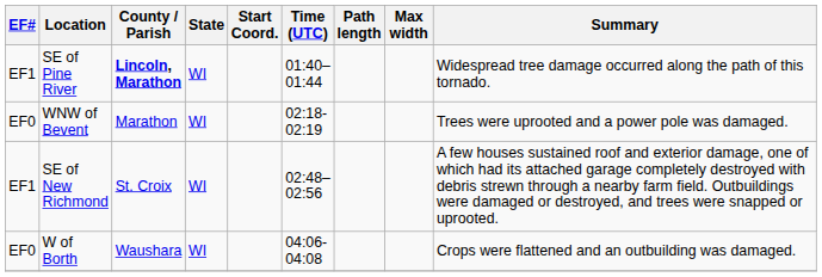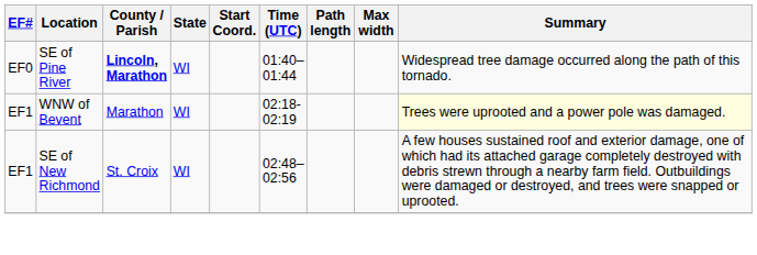 <table class="wikitable sortable" style="width:100%;">
 <tr>
 <th scope="col"  style="width:3%; text-align:center;"><a href='#'>EF#</a></th>
 <th scope="col"  style="width:7%; text-align:center;" class="unsortable">Location</th>
 <th scope="col"  style="width:6%; text-align:center;" class="unsortable">County / Parish</th>
 <th scope="col"  style="width:5%; text-align:center;">State</th>
 <th scope="col"  style="width:6%; text-align:center;">Start Coord.</th>
 <th scope="col"  style="width:6%; text-align:center;">Time (<a href='#'>UTC</a>)</th>
 <th scope="col"  style="width:6%; text-align:center;">Path length</th>
 <th scope="col"  style="width:6%; text-align:center;">Max width</th>
 <th scope="col" class="unsortable" style="width:48%; text-align:center;">Summary</th>
 </tr>
 <tr>
-<td>EF1</td>
+<td>EF0</td>
 <td>SE of <a href='#'>Pine River</a></td>
 <td><strong><a href='#'>Lincoln</a>, <a href='#'>Marathon</a></strong></td>
 <td><a href='#'>WI</a></td>
 <td></td>
 <td>01:40–01:44</td>
 <td></td>
 <td></td>
 <td>Widespread tree damage occurred along the path of this tornado.</td>
 </tr>
 <tr>
-<td>EF0</td>
+<td>EF1</td>
 <td>WNW of <a href='#'>Bevent</a></td>
 <td><a href='#'>Marathon</a></td>
 <td><a href='#'>WI</a></td>
 <td></td>
 <td>02:18-02:19</td>
 <td></td>
 <td></td>
-<td>Trees were uprooted and a power pole was damaged.</td>
+<td style="background: lightyellow;">Trees were uprooted and a power pole was damaged.</td>
 </tr>
 <tr>
 <td>EF1</td>
 <td>SE of <a href='#'>New Richmond</a></td>
 <td><a href='#'>St. Croix</a></td>
 <td><a href='#'>WI</a></td>
 <td></td>
 <td>02:48–02:56</td>
 <td></td>
 <td></td>
 <td>A few houses sustained roof and exterior damage, one of which had its attached garage completely destroyed with debris strewn through a nearby farm field. Outbuildings were damaged or destroyed, and trees were snapped or uprooted.</td>
 </tr>
 <tr>
-<td>EF0</td>
-<td>W of <a href='#'>Borth</a></td>
-<td><a href='#'>Waushara</a></td>
-<td><a href='#'>WI</a></td>
-<td></td>
-<td>04:06-04:08</td>
-<td></td>
-<td></td>
-<td>Crops were flattened and an outbuilding was damaged.</td>
-</tr>
-<tr>
 </tr>
 </table>
